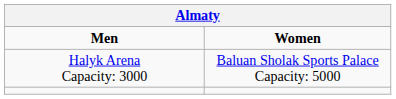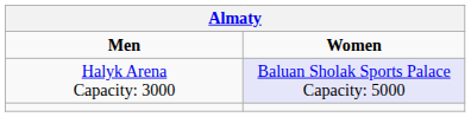 <table class="wikitable" style="text-align:center;" width=440px>
 <tr>
 <th colspan=2><a href='#'>Almaty</a></th>
 </tr>
 <tr>
 <td width=220px><strong>Men</strong></td>
 <td><strong>Women</strong></td>
 </tr>
 <tr>
 <td><a href='#'>Halyk Arena</a><br>Capacity: 3000</td>
-<td><a href='#'>Baluan Sholak Sports Palace</a><br>Capacity: 5000</td>
+<td style="background: lavender;"><a href='#'>Baluan Sholak Sports Palace</a><br>Capacity: 5000</td>
 </tr>
 <tr>
 <td></td>
 <td></td>
 </tr>
 </table>
